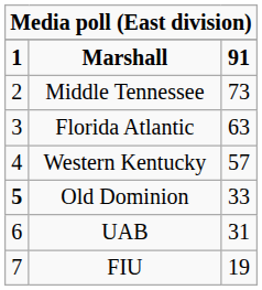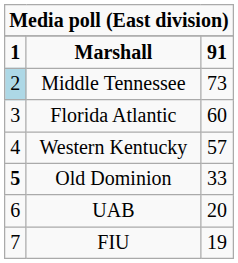 <table class="wikitable" style="display: inline-table;">
 <tr>
 <td align="center" Colspan="3"><strong>Media poll (East division)</strong></td>
 </tr>
 <tr align="center">
 </tr>
 <tr align="center">
 <td><strong>1</strong></td>
 <td><strong>Marshall</strong></td>
 <td><strong>91</strong></td>
 </tr>
 <tr align="center">
-<td>2</td>
+<td style="background: lightblue;">2</td>
 <td>Middle Tennessee</td>
 <td>73</td>
 </tr>
 <tr align="center">
 <td>3</td>
 <td>Florida Atlantic</td>
-<td>63</td>
+<td>60</td>
 </tr>
 <tr align="center">
 <td>4</td>
 <td>Western Kentucky</td>
 <td>57</td>
 </tr>
 <tr align="center">
 <td><strong>5</strong></td>
 <td>Old Dominion</td>
 <td>33</td>
 </tr>
 <tr align="center">
 <td>6</td>
 <td>UAB</td>
-<td>31</td>
+<td>20</td>
 </tr>
 <tr align="center">
 <td>7</td>
 <td>FIU</td>
 <td>19</td>
 </tr>
 </table>
